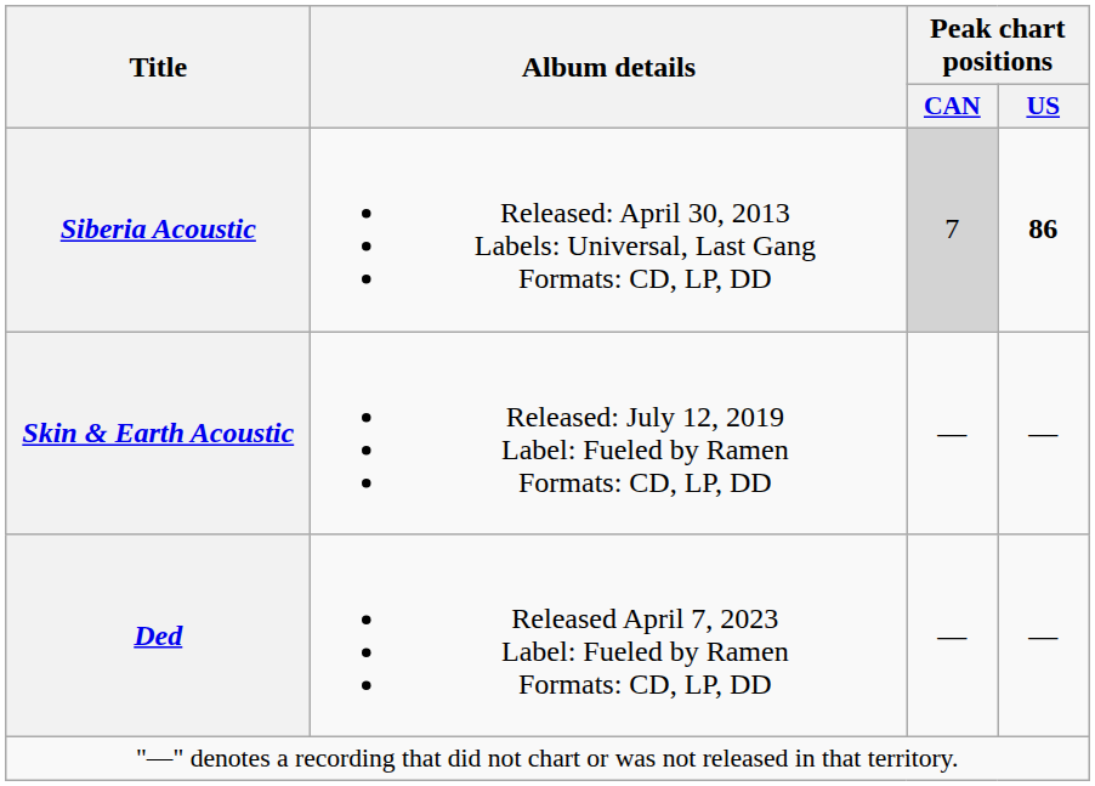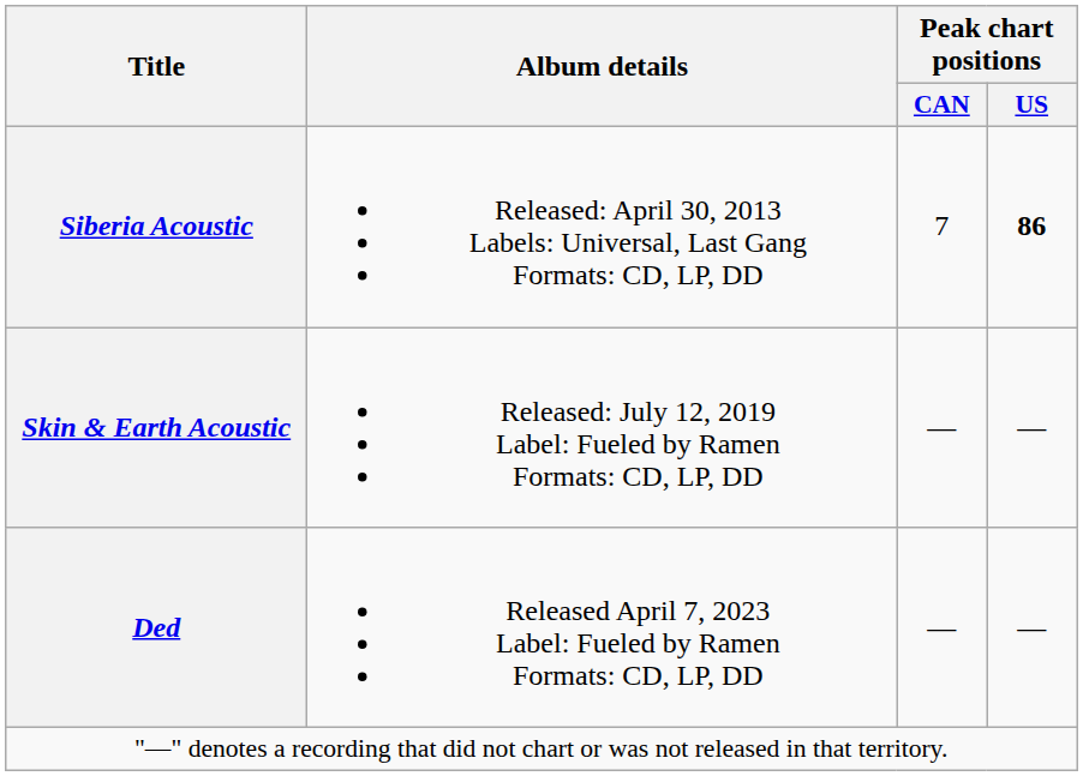 <table class="wikitable plainrowheaders" style="text-align:center;">
 <tr>
 <th scope="col" rowspan="2" style="width:10em;">Title</th>
 <th scope="col" rowspan="2" style="width:20em;">Album details</th>
 <th scope="col" colspan="2">Peak chart positions</th>
 </tr>
 <tr>
 <th scope="col" style="width:3em;font-size:90%;"><a href='#'>CAN</a><br></th>
 <th scope="col" style="width:3em;font-size:90%;"><a href='#'>US</a><br></th>
 </tr>
 <tr>
 <th scope="row"><em><a href='#'>Siberia Acoustic</a></em></th>
 <td><br><ul><li>Released: April 30, 2013 </li><li>Labels: Universal, Last Gang </li><li>Formats: CD, LP, DD</li></ul></td>
-<td style="background: lightgrey;">7</td>
+<td>7</td>
 <td><strong>86</strong></td>
 </tr>
 <tr>
 <th scope="row"><em><a href='#'>Skin & Earth Acoustic</a></em></th>
 <td><br><ul><li>Released: July 12, 2019</li><li>Label: Fueled by Ramen</li><li>Formats: CD, LP, DD</li></ul></td>
 <td>—</td>
 <td>—</td>
 </tr>
 <tr>
 <th scope="row"><em><a href='#'>Ded</a></em></th>
 <td><br><ul><li>Released April 7, 2023</li><li>Label: Fueled by Ramen</li><li>Formats: CD, LP, DD</li></ul></td>
 <td>—</td>
 <td>—</td>
 </tr>
 <tr>
 <td colspan="7" style="font-size:90%">"—" denotes a recording that did not chart or was not released in that territory.</td>
 </tr>
 </table>
